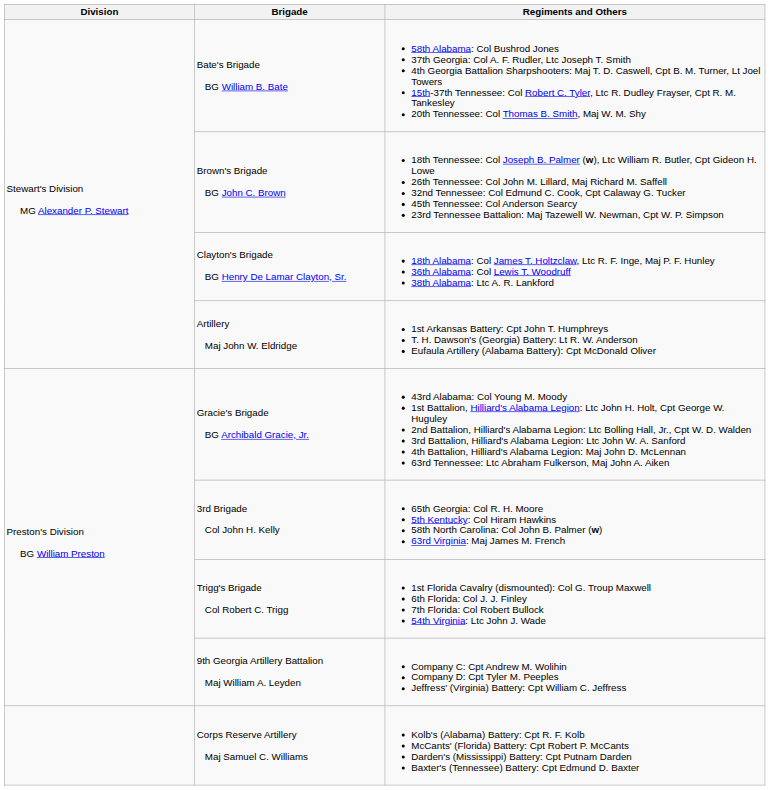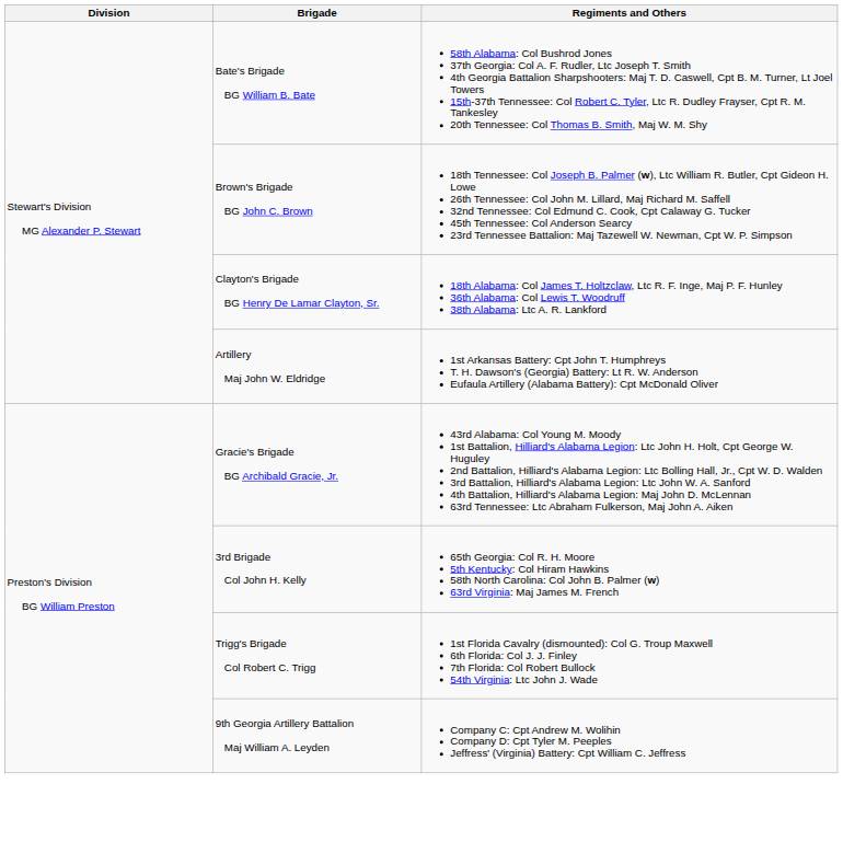 <table class="wikitable">
 <tr>
 <th width=25%>Division</th>
 <th width=25%>Brigade</th>
 <th>Regiments and Others</th>
 </tr>
 <tr>
 <td rowspan=4><br>Stewart's Division<br><br>     MG <a href='#'>Alexander P. Stewart</a></td>
 <td>Bate's Brigade<br><br>   BG <a href='#'>William B. Bate</a></td>
 <td><br><ul><li><a href='#'>58th Alabama</a>: Col Bushrod Jones</li><li>37th Georgia: Col A. F. Rudler, Ltc Joseph T. Smith</li><li>4th Georgia Battalion Sharpshooters: Maj T. D. Caswell, Cpt B. M. Turner, Lt Joel Towers</li><li><a href='#'>15th</a>-37th Tennessee: Col <a href='#'>Robert C. Tyler</a>, Ltc R. Dudley Frayser, Cpt R. M. Tankesley</li><li>20th Tennessee: Col <a href='#'>Thomas B. Smith</a>, Maj W. M. Shy</li></ul></td>
 </tr>
 <tr>
 <td>Brown's Brigade<br><br>   BG <a href='#'>John C. Brown</a></td>
 <td><br><ul><li>18th Tennessee: Col <a href='#'>Joseph B. Palmer</a> (<strong>w</strong>), Ltc William R. Butler, Cpt Gideon H. Lowe</li><li>26th Tennessee: Col John M. Lillard, Maj Richard M. Saffell</li><li>32nd Tennessee: Col Edmund C. Cook, Cpt Calaway G. Tucker</li><li>45th Tennessee: Col Anderson Searcy</li><li>23rd Tennessee Battalion: Maj Tazewell W. Newman, Cpt W. P. Simpson</li></ul></td>
 </tr>
 <tr>
 <td>Clayton's Brigade<br><br>   BG <a href='#'>Henry De Lamar Clayton, Sr.</a></td>
 <td><br><ul><li><a href='#'>18th Alabama</a>: Col <a href='#'>James T. Holtzclaw</a>, Ltc R. F. Inge, Maj P. F. Hunley</li><li><a href='#'>36th Alabama</a>: Col <a href='#'>Lewis T. Woodruff</a></li><li><a href='#'>38th Alabama</a>: Ltc A. R. Lankford</li></ul></td>
 </tr>
 <tr>
 <td>Artillery<br><br>   Maj John W. Eldridge</td>
 <td><br><ul><li>1st Arkansas Battery: Cpt John T. Humphreys</li><li>T. H. Dawson's (Georgia) Battery: Lt R. W. Anderson</li><li>Eufaula Artillery (Alabama Battery): Cpt McDonald Oliver</li></ul></td>
 </tr>
 <tr>
 <td rowspan=4><br>Preston's Division<br><br>     BG <a href='#'>William Preston</a></td>
 <td>Gracie's Brigade<br><br>   BG <a href='#'>Archibald Gracie, Jr.</a></td>
 <td><br><ul><li>43rd Alabama: Col Young M. Moody</li><li>1st Battalion, <a href='#'>Hilliard's Alabama Legion</a>: Ltc John H. Holt, Cpt George W. Huguley</li><li>2nd Battalion, Hilliard's Alabama Legion: Ltc Bolling Hall, Jr., Cpt W. D. Walden</li><li>3rd Battalion, Hilliard's Alabama Legion: Ltc John W. A. Sanford</li><li>4th Battalion, Hilliard's Alabama Legion: Maj John D. McLennan</li><li>63rd Tennessee: Ltc Abraham Fulkerson, Maj John A. Aiken</li></ul></td>
 </tr>
 <tr>
 <td>3rd Brigade<br><br>   Col John H. Kelly</td>
 <td><br><ul><li>65th Georgia: Col R. H. Moore</li><li><a href='#'>5th Kentucky</a>: Col Hiram Hawkins</li><li>58th North Carolina: Col John B. Palmer (<strong>w</strong>)</li><li><a href='#'>63rd Virginia</a>: Maj James M. French</li></ul></td>
 </tr>
 <tr>
 <td>Trigg's Brigade<br><br>   Col Robert C. Trigg</td>
 <td><br><ul><li>1st Florida Cavalry (dismounted): Col G. Troup Maxwell</li><li>6th Florida: Col J. J. Finley</li><li>7th Florida: Col Robert Bullock</li><li><a href='#'>54th Virginia</a>: Ltc John J. Wade</li></ul></td>
 </tr>
 <tr>
 <td>9th Georgia Artillery Battalion<br><br>   Maj William A. Leyden</td>
 <td><br><ul><li>Company C: Cpt Andrew M. Wolihin</li><li>Company D: Cpt Tyler M. Peeples</li><li>Jeffress' (Virginia) Battery: Cpt William C. Jeffress</li></ul></td>
 </tr>
-<tr>
-<td></td>
-<td>Corps Reserve Artillery<br><br>   Maj Samuel C. Williams</td>
-<td><br><ul><li>Kolb's (Alabama) Battery: Cpt R. F. Kolb</li><li>McCants' (Florida) Battery: Cpt Robert P. McCants</li><li>Darden's (Mississippi) Battery: Cpt Putnam Darden</li><li>Baxter's (Tennessee) Battery: Cpt Edmund D. Baxter</li></ul></td>
-</tr>
 </table>
